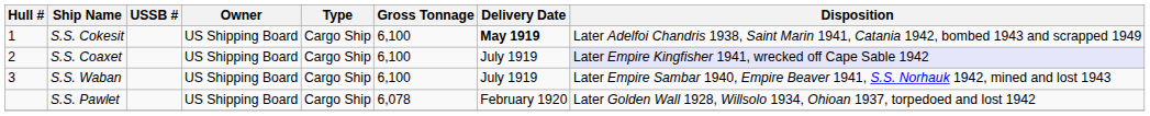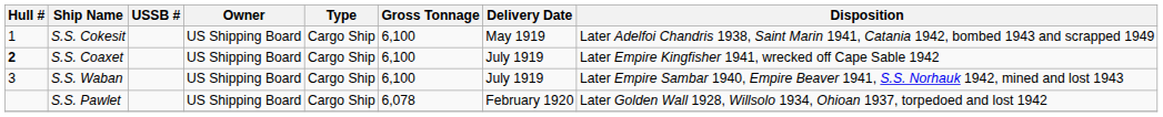 <table class="wikitable" border="1">
 <tr>
 <th>Hull #</th>
 <th>Ship Name</th>
 <th>USSB #</th>
 <th>Owner</th>
 <th>Type</th>
 <th>Gross Tonnage</th>
 <th>Delivery Date</th>
 <th>Disposition</th>
 </tr>
 <tr>
 <td>1</td>
 <td><em>S.S. Cokesit</em></td>
 <td></td>
 <td>US Shipping Board</td>
 <td>Cargo Ship</td>
 <td>6,100</td>
-<td><strong>May 1919</strong></td>
+<td>May 1919</td>
 <td>Later <em>Adelfoi Chandris</em> 1938, <em>Saint Marin</em> 1941, <em>Catania</em> 1942, bombed 1943 and scrapped 1949</td>
 </tr>
 <tr>
-<td>2</td>
+<td><strong>2</strong></td>
 <td><em>S.S. Coaxet</em></td>
 <td></td>
 <td>US Shipping Board</td>
 <td>Cargo Ship</td>
 <td>6,100</td>
 <td>July 1919</td>
-<td style="background: lavender;">Later <em>Empire Kingfisher</em> 1941, wrecked off Cape Sable 1942</td>
+<td>Later <em>Empire Kingfisher</em> 1941, wrecked off Cape Sable 1942</td>
 </tr>
 <tr>
 <td>3</td>
 <td><em>S.S. Waban</em></td>
 <td></td>
 <td>US Shipping Board</td>
 <td>Cargo Ship</td>
 <td>6,100</td>
 <td>July 1919</td>
 <td>Later <em>Empire Sambar</em> 1940, <em>Empire Beaver</em> 1941, <a href='#'><em>S.S. Norhauk</em></a> 1942, mined and lost 1943</td>
 </tr>
 <tr>
 <td></td>
 <td><em>S.S. Pawlet</em></td>
 <td></td>
 <td>US Shipping Board</td>
 <td>Cargo Ship</td>
 <td>6,078</td>
 <td>February 1920</td>
 <td>Later <em>Golden Wall</em> 1928, <em>Willsolo</em> 1934, <em>Ohioan</em> 1937, torpedoed and lost 1942</td>
 </tr>
 <tr>
 </tr>
 </table>
